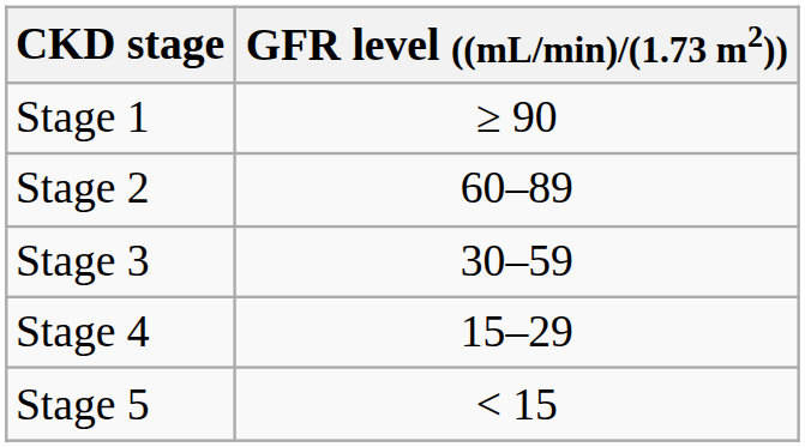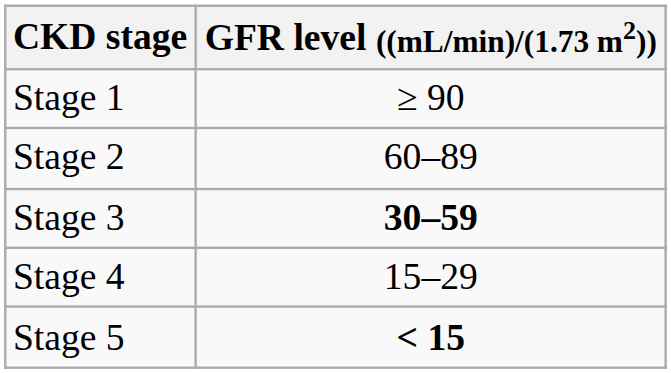 <table class="wikitable" style="float:right; margin-left:5px">
 <tr>
 <th>CKD stage</th>
 <th>GFR level <small>((mL/min)/(1.73 m<sup>2</sup>))</small></th>
 </tr>
 <tr>
 <td>Stage 1</td>
 <td style="text-align:center">≥ 90</td>
 </tr>
 <tr>
 <td>Stage 2</td>
 <td style="text-align:center">60–89</td>
 </tr>
 <tr>
 <td>Stage 3</td>
-<td style="text-align:center">30–59</td>
+<td style="text-align:center"><strong>30–59</strong></td>
 </tr>
 <tr>
 <td>Stage 4</td>
 <td style="text-align:center">15–29</td>
 </tr>
 <tr>
 <td>Stage 5</td>
-<td style="text-align:center">< 15</td>
+<td style="text-align:center"><strong>< 15</strong></td>
 </tr>
 </table>
